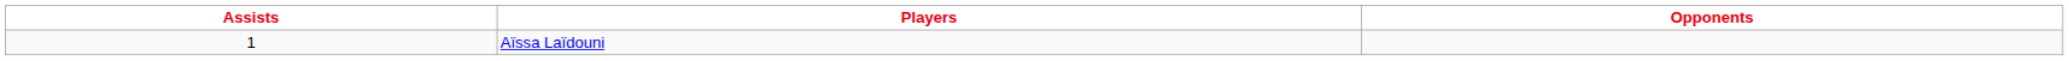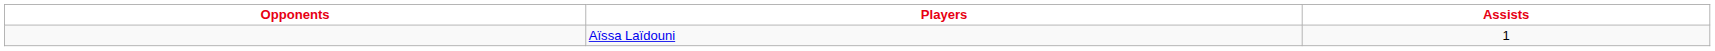 <table class="wikitable" style="font-size:95%; width:100%">
 <tr>
+<th scope="col" style="background:#FFFFFF; color:#E70013; ">Opponents</th>
+<th scope="col" style="background:#FFFFFF; color:#E70013; ">Players</th>
 <th scope="col" style="background:#FFFFFF; color:#E70013; ">Assists</th>
-<th scope="col" style="background:#FFFFFF; color:#E70013; ">Players</th>
-<th scope="col" style="background:#FFFFFF; color:#E70013; ">Opponents</th>
 </tr>
 <tr>
+<td></td>
+<td><a href='#'>Aïssa Laïdouni</a></td>
 <td align=center>1</td>
-<td><a href='#'>Aïssa Laïdouni</a></td>
-<td></td>
 </tr>
 </table>
